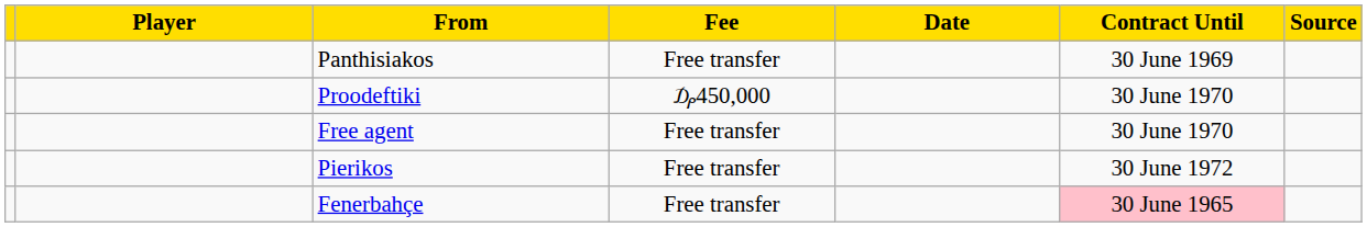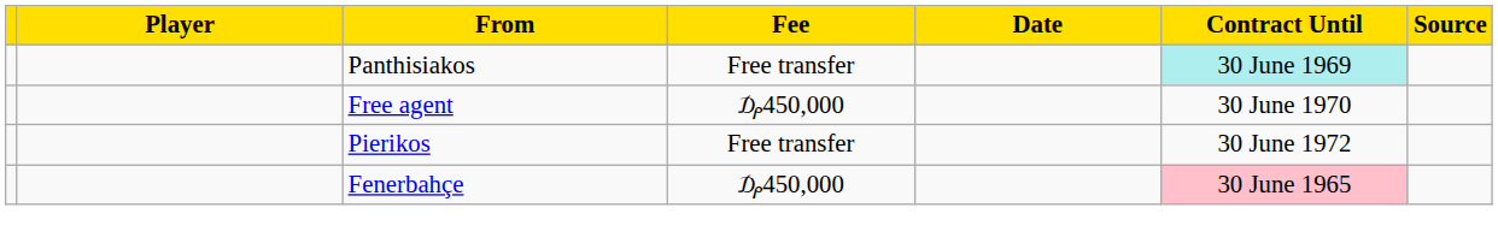 <table class="wikitable sortable">
 <tr>
 <th style="background:#FFDE00"></th>
 <th width=200 style="background:#FFDE00">Player</th>
 <th width=200 style="background:#FFDE00">From</th>
 <th width=150 style="background:#FFDE00">Fee</th>
 <th width=150 style="background:#FFDE00">Date</th>
 <th width=150 style="background:#FFDE00">Contract Until</th>
 <th style="background:#FFDE00">Source</th>
 </tr>
 <tr>
 <td align=center></td>
 <td></td>
 <td> Panthisiakos</td>
 <td align=center>Free transfer</td>
 <td align=center></td>
-<td align=center>30 June 1969</td>
-<td align=center></td>
-</tr>
-<tr>
-<td align=center></td>
-<td></td>
-<td> <a href='#'>Proodeftiki</a></td>
-<td align=center>₯450,000</td>
-<td align=center></td>
-<td align=center>30 June 1970</td>
+<td align=center style="background: paleturquoise;">30 June 1969</td>
 <td align=center></td>
 </tr>
 <tr>
 <td align=center></td>
 <td></td>
 <td><a href='#'>Free agent</a></td>
-<td align=center>Free transfer</td>
+<td align=center>₯450,000</td>
 <td align=center></td>
 <td align=center>30 June 1970</td>
 <td align=center></td>
 </tr>
 <tr>
 <td align=center></td>
 <td></td>
 <td> <a href='#'>Pierikos</a></td>
 <td align=center>Free transfer</td>
 <td align=center></td>
 <td align=center>30 June 1972</td>
 <td align=center></td>
 </tr>
 <tr>
 <td align=center></td>
 <td></td>
 <td> <a href='#'>Fenerbahçe</a></td>
-<td align=center>Free transfer</td>
+<td align=center>₯450,000</td>
 <td align=center></td>
 <td align=center style="background: pink;">30 June 1965</td>
 <td align=center></td>
 </tr>
 </table>
